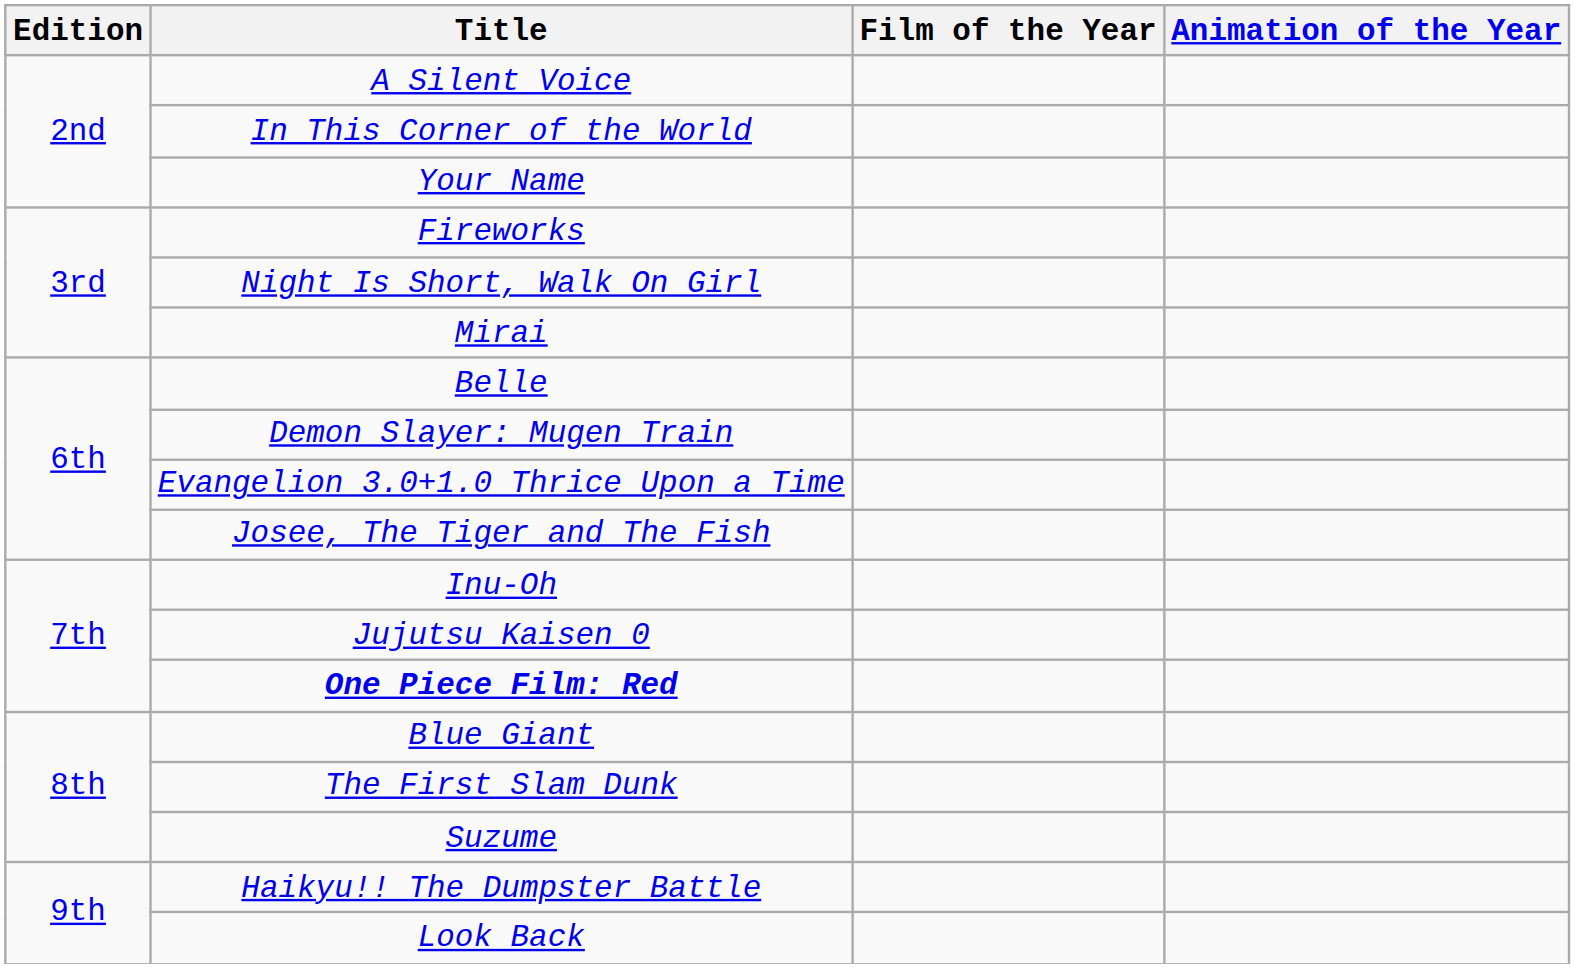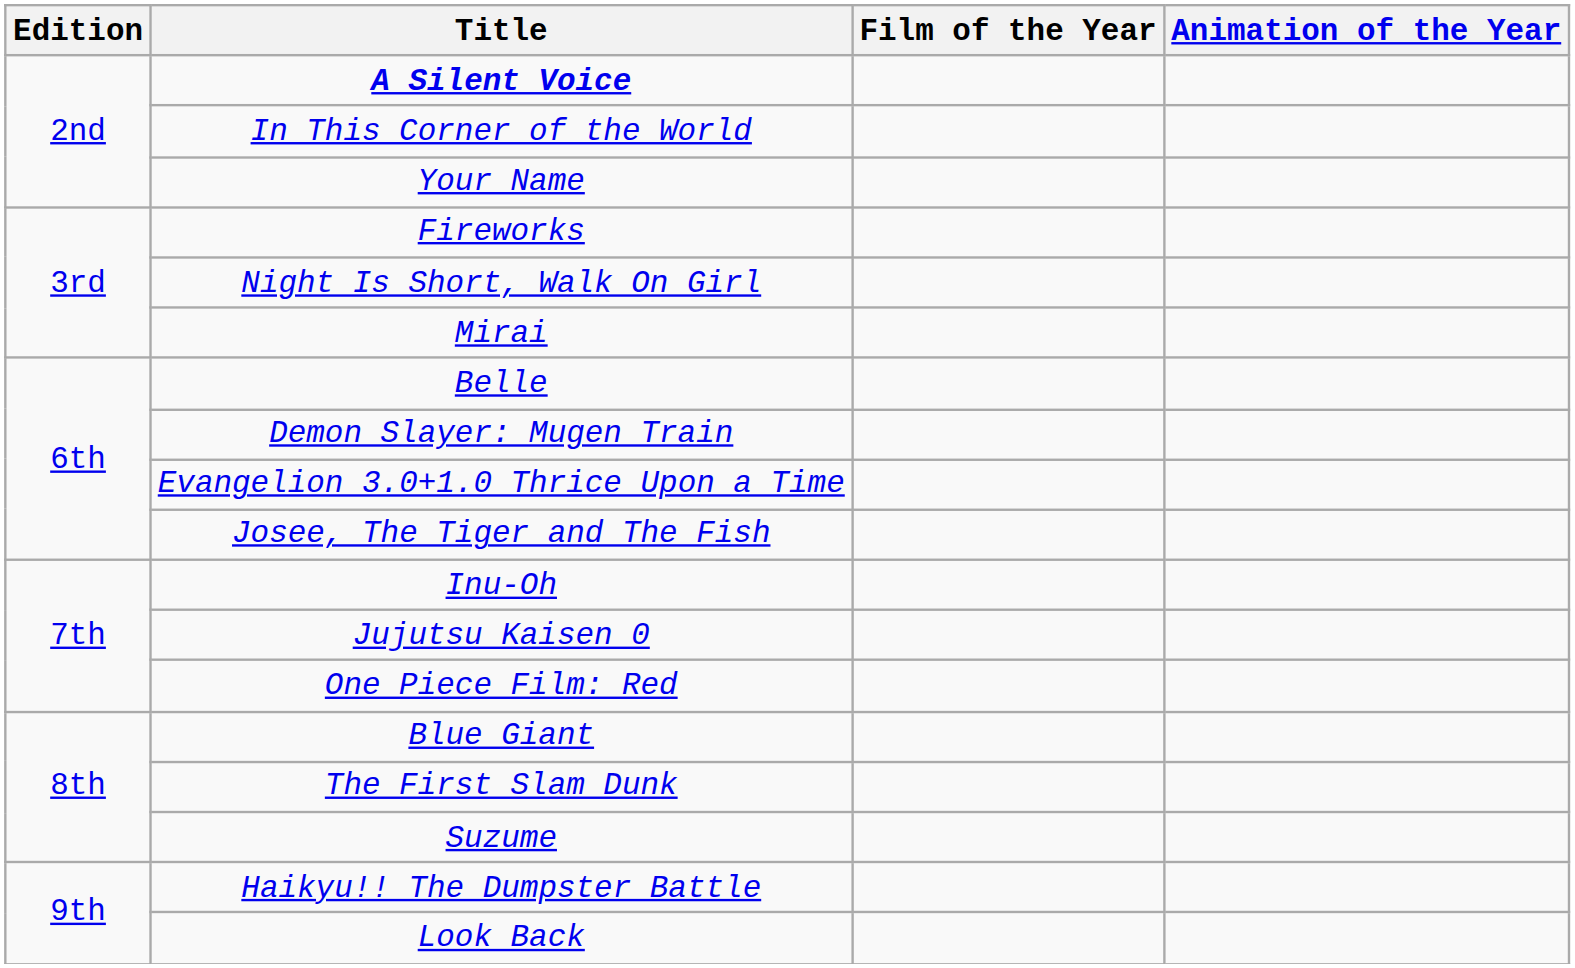 <table class="wikitable plainrowheaders" style="text-align:center;margin:auto;">
 <tr>
 <th>Edition</th>
 <th>Title</th>
 <th>Film of the Year</th>
 <th><a href='#'>Animation of the Year</a></th>
 </tr>
 <tr>
 <td rowspan="3"><a href='#'>2nd</a></td>
-<td><em><a href='#'>A Silent Voice</a></em></td>
+<td><strong><em><a href='#'>A Silent Voice</a></em></strong></td>
 <td></td>
 <td></td>
 </tr>
 <tr>
 <td><em><a href='#'>In This Corner of the World</a></em></td>
 <td></td>
 <td></td>
 </tr>
 <tr>
 <td><em><a href='#'>Your Name</a></em></td>
 <td></td>
 <td></td>
 </tr>
 <tr>
 <td rowspan="3"><a href='#'>3rd</a></td>
 <td><em><a href='#'>Fireworks</a></em></td>
 <td></td>
 <td></td>
 </tr>
 <tr>
 <td><em><a href='#'>Night Is Short, Walk On Girl</a></em></td>
 <td></td>
 <td></td>
 </tr>
 <tr>
 <td><em><a href='#'>Mirai</a></em></td>
 <td></td>
 <td></td>
 </tr>
 <tr>
 <td rowspan="4"><a href='#'>6th</a></td>
 <td><em><a href='#'>Belle</a></em></td>
 <td></td>
 <td></td>
 </tr>
 <tr>
 <td><em><a href='#'>Demon Slayer: Mugen Train</a></em></td>
 <td></td>
 <td></td>
 </tr>
 <tr>
 <td><em><a href='#'>Evangelion 3.0+1.0 Thrice Upon a Time</a></em></td>
 <td></td>
 <td></td>
 </tr>
 <tr>
 <td><em><a href='#'>Josee, The Tiger and The Fish</a></em></td>
 <td></td>
 <td></td>
 </tr>
 <tr>
 <td rowspan="3"><a href='#'>7th</a></td>
 <td><em><a href='#'>Inu-Oh</a></em></td>
 <td></td>
 <td></td>
 </tr>
 <tr>
 <td><em><a href='#'>Jujutsu Kaisen 0</a></em></td>
 <td></td>
 <td></td>
 </tr>
 <tr>
-<td><strong><em><a href='#'>One Piece Film: Red</a></em></strong></td>
+<td><em><a href='#'>One Piece Film: Red</a></em></td>
 <td></td>
 <td></td>
 </tr>
 <tr>
 <td rowspan="3"><a href='#'>8th</a></td>
 <td><em><a href='#'>Blue Giant</a></em></td>
 <td></td>
 <td></td>
 </tr>
 <tr>
 <td><em><a href='#'>The First Slam Dunk</a></em></td>
 <td></td>
 <td></td>
 </tr>
 <tr>
 <td><em><a href='#'>Suzume</a></em></td>
 <td></td>
 <td></td>
 </tr>
 <tr>
 <td rowspan="2"><a href='#'>9th</a></td>
 <td><em><a href='#'>Haikyu!! The Dumpster Battle</a></em></td>
 <td></td>
 <td></td>
 </tr>
 <tr>
 <td><em><a href='#'>Look Back</a></em></td>
 <td></td>
 <td></td>
 </tr>
 </table>
